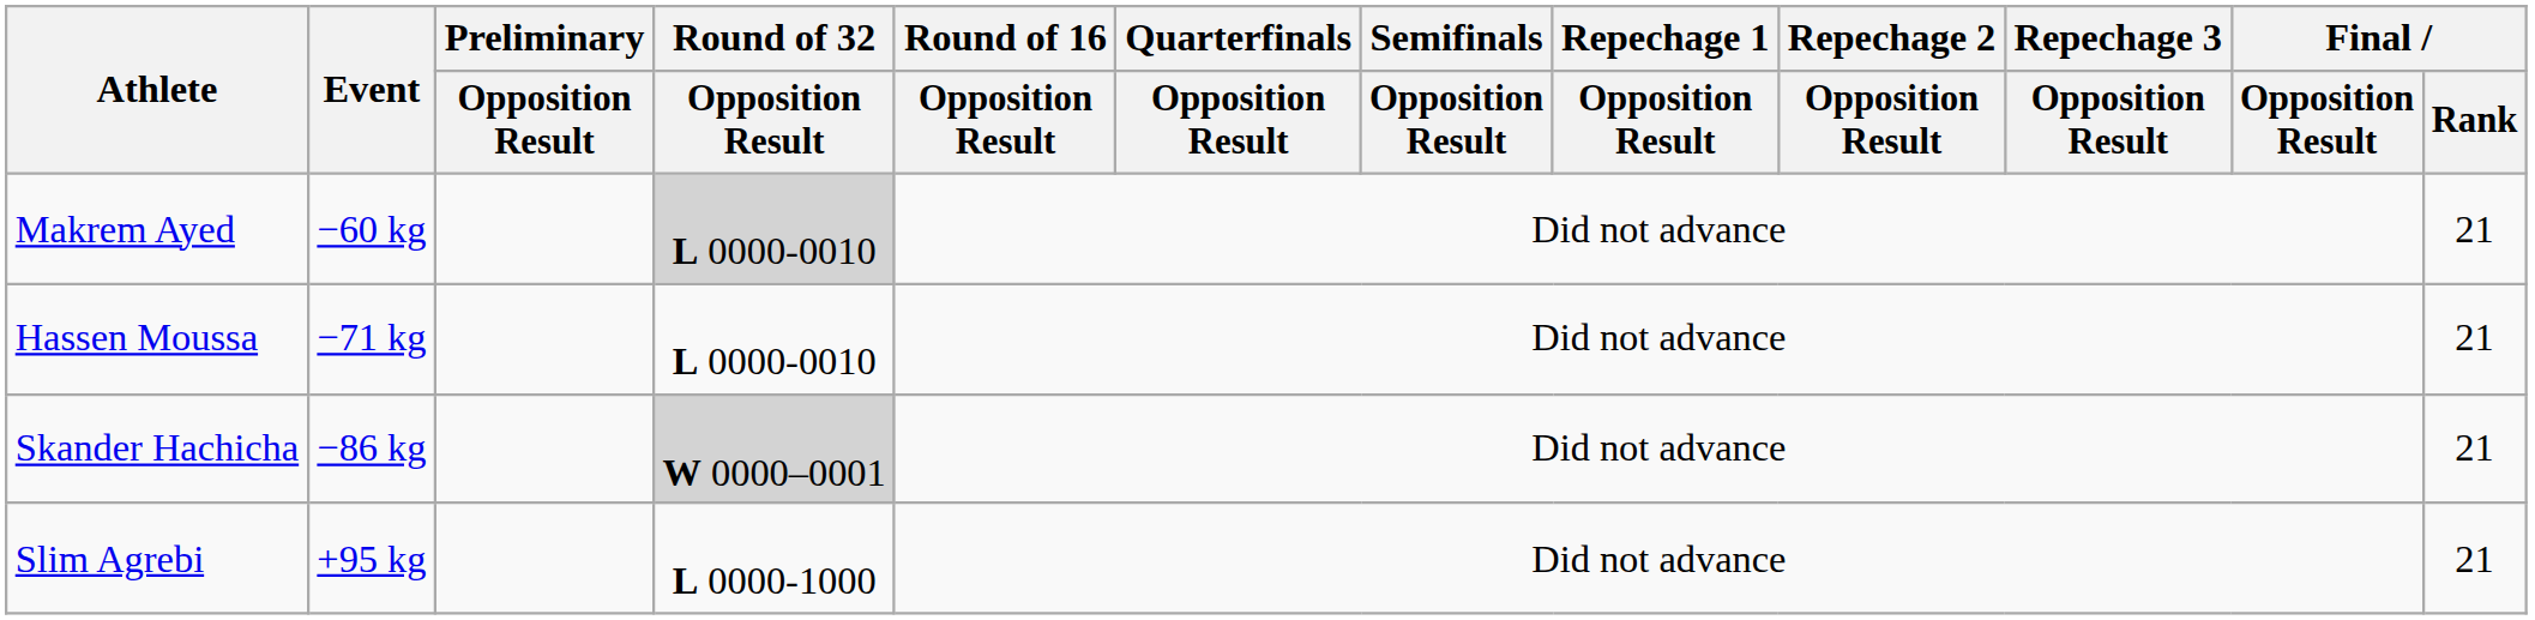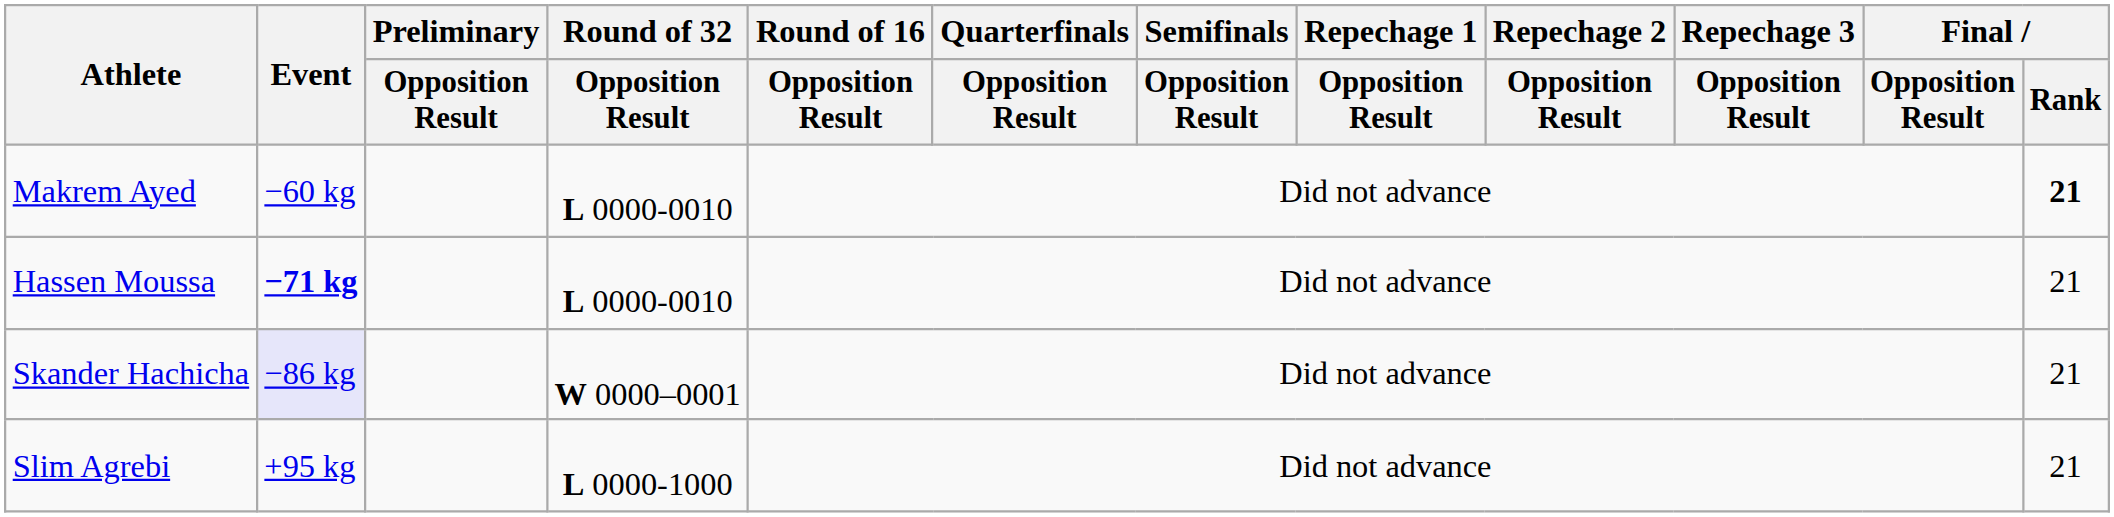 <table class="wikitable" style="font-size:90%">
 <tr>
 <th rowspan="2">Athlete</th>
 <th rowspan="2">Event</th>
 <th>Preliminary</th>
 <th>Round of 32</th>
 <th>Round of 16</th>
 <th>Quarterfinals</th>
 <th>Semifinals</th>
 <th>Repechage 1</th>
 <th>Repechage 2</th>
 <th>Repechage 3</th>
 <th colspan=2>Final / </th>
 </tr>
 <tr style="font-size:95%">
 <th>Opposition<br>Result</th>
 <th>Opposition<br>Result</th>
 <th>Opposition<br>Result</th>
 <th>Opposition<br>Result</th>
 <th>Opposition<br>Result</th>
 <th>Opposition<br>Result</th>
 <th>Opposition<br>Result</th>
 <th>Opposition<br>Result</th>
 <th>Opposition<br>Result</th>
 <th>Rank</th>
 </tr>
 <tr align=center>
 <td align=left><a href='#'>Makrem Ayed</a></td>
 <td align=left><a href='#'>−60 kg</a></td>
 <td></td>
-<td style="background: lightgrey;"><br><strong>L</strong> 0000-0010</td>
+<td><br><strong>L</strong> 0000-0010</td>
 <td colspan=7>Did not advance</td>
-<td>21</td>
+<td><strong>21</strong></td>
 </tr>
 <tr align=center>
 <td align=left><a href='#'>Hassen Moussa</a></td>
-<td align=left><a href='#'>−71 kg</a></td>
+<td align=left><strong><a href='#'>−71 kg</a></strong></td>
 <td></td>
 <td><br><strong>L</strong> 0000-0010</td>
 <td colspan=7>Did not advance</td>
 <td>21</td>
 </tr>
 <tr align=center>
 <td align=left><a href='#'>Skander Hachicha</a></td>
-<td align=left><a href='#'>−86 kg</a></td>
+<td align=left style="background: lavender;"><a href='#'>−86 kg</a></td>
 <td></td>
-<td style="background: lightgrey;"><br><strong>W</strong> 0000–0001</td>
+<td><br><strong>W</strong> 0000–0001</td>
 <td colspan=7>Did not advance</td>
 <td>21</td>
 </tr>
 <tr align=center>
 <td align=left><a href='#'>Slim Agrebi</a></td>
 <td align=left><a href='#'>+95 kg</a></td>
 <td></td>
 <td><br><strong>L</strong> 0000-1000</td>
 <td colspan=7>Did not advance</td>
 <td>21</td>
 </tr>
 </table>
